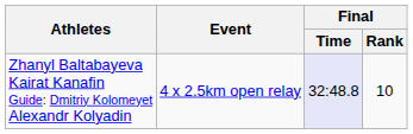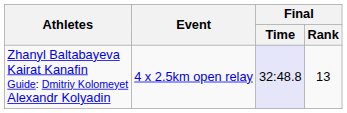 <table class="wikitable" style="font-size:100%">
 <tr>
 <th rowspan="2">Athletes</th>
 <th rowspan="2">Event</th>
 <th colspan="2">Final</th>
 </tr>
 <tr>
 <th>Time</th>
 <th>Rank</th>
 </tr>
 <tr>
 <td><a href='#'>Zhanyl Baltabayeva</a><br><a href='#'>Kairat Kanafin</a><br><small><a href='#'>Guide</a>: <a href='#'>Dmitriy Kolomeyet</a></small><br><a href='#'>Alexandr Kolyadin</a></td>
 <td><a href='#'>4 x 2.5km open relay</a></td>
 <td align="center" style="background: lavender;">32:48.8</td>
-<td align="center">10</td>
+<td align="center">13</td>
 </tr>
 </table>
